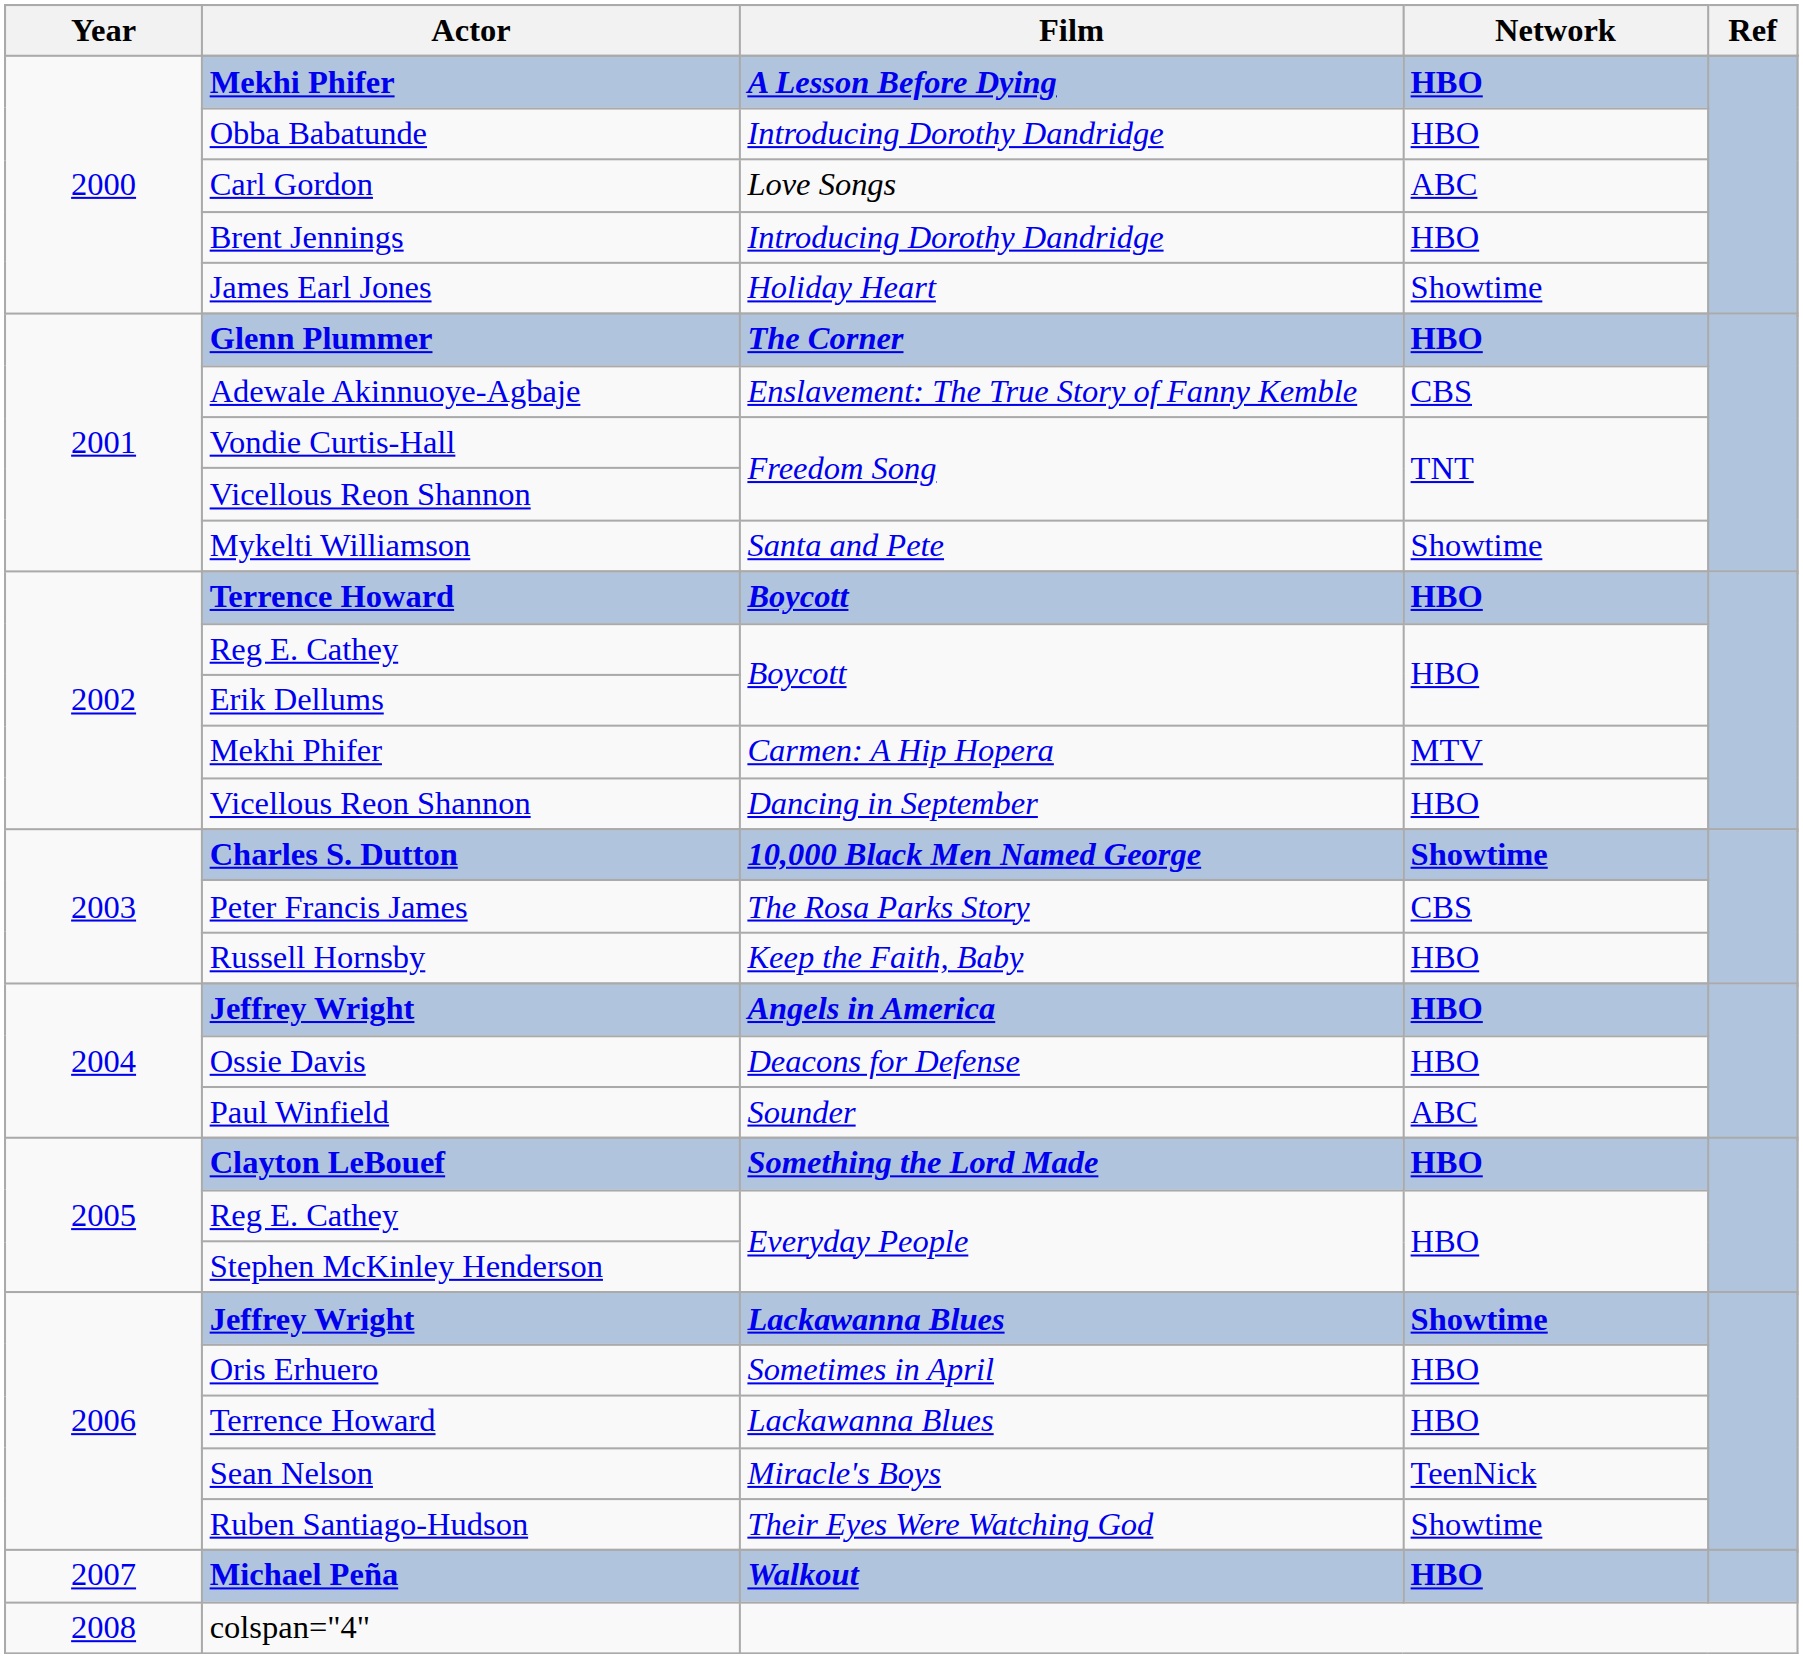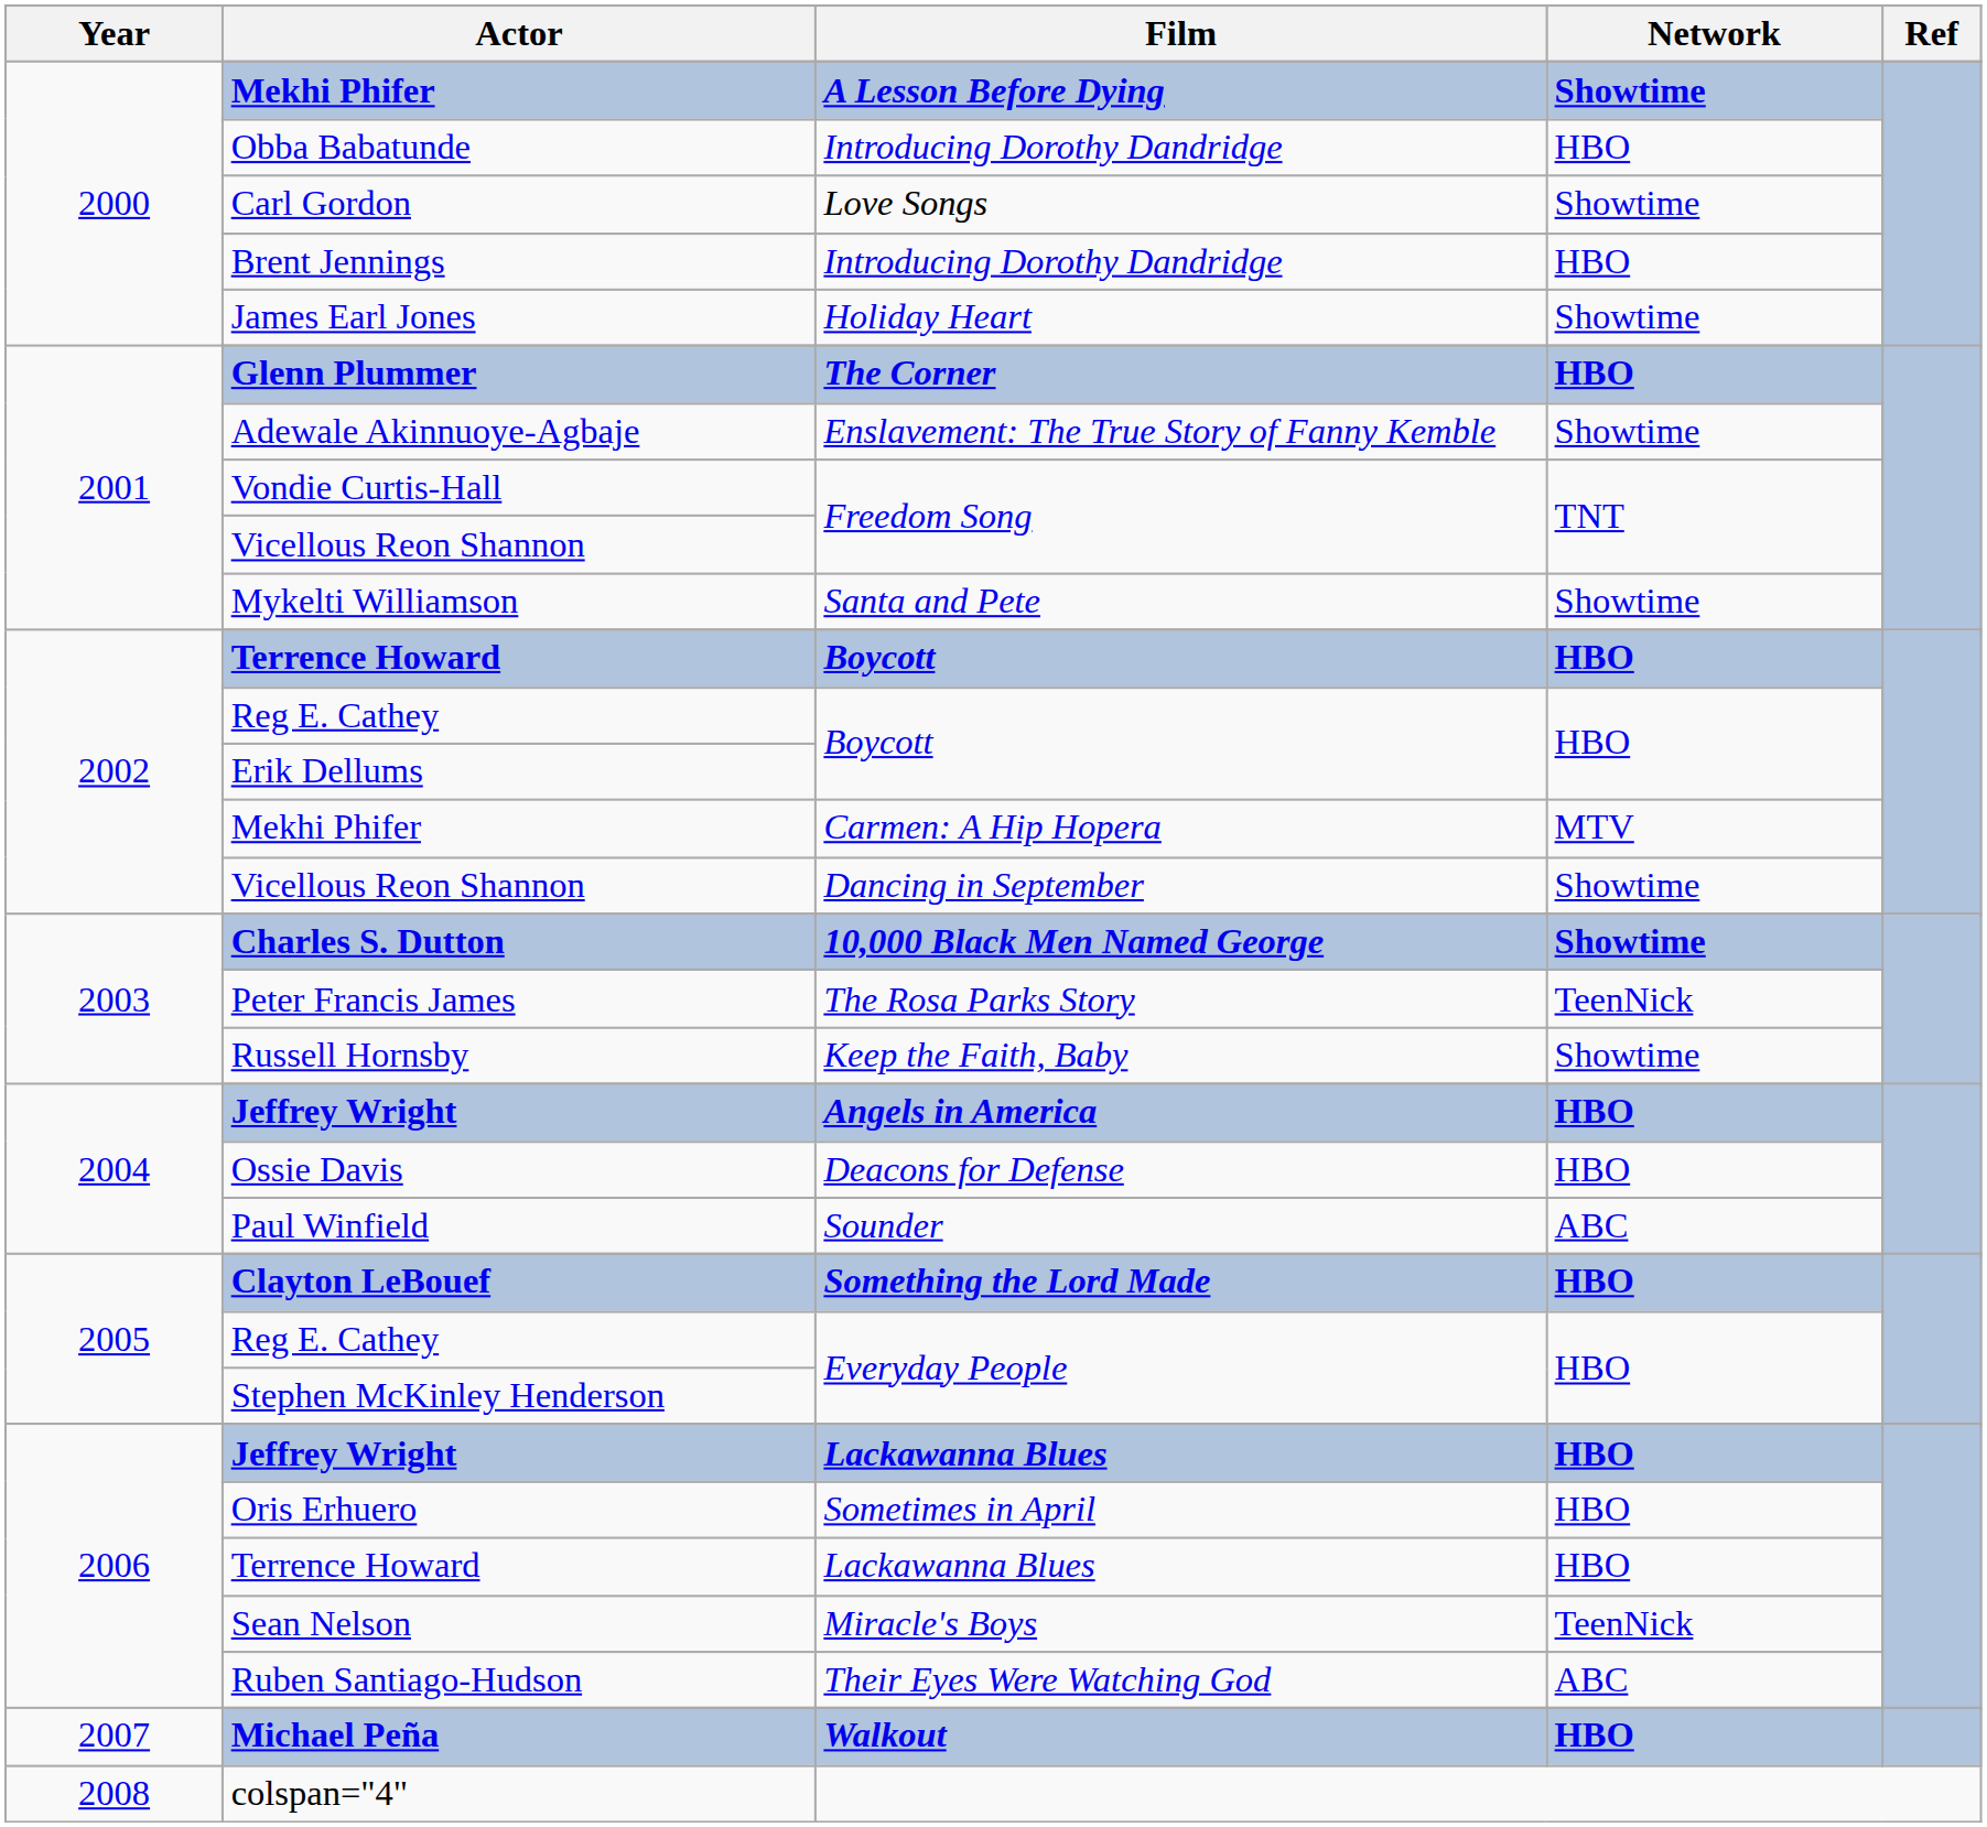 <table class="wikitable" style="width:100%;">
 <tr style="background:#bebebe;">
 <th style="width:11%;">Year</th>
 <th style="width:30%;">Actor</th>
 <th style="width:37%;">Film</th>
 <th style="width:17%;">Network</th>
 <th style="width:5%;">Ref</th>
 </tr>
 <tr>
 <td rowspan="6" align="center"><a href='#'>2000</a></td>
 </tr>
 <tr style="background:#B0C4DE">
 <td><strong><a href='#'>Mekhi Phifer</a></strong></td>
 <td><strong><em><a href='#'>A Lesson Before Dying</a></em></strong></td>
-<td><strong><a href='#'>HBO</a></strong></td>
+<td><strong><a href='#'>Showtime</a></strong></td>
 <td rowspan="6" align="center"></td>
 </tr>
 <tr>
 <td><a href='#'>Obba Babatunde</a></td>
 <td><em><a href='#'>Introducing Dorothy Dandridge</a></em></td>
 <td><a href='#'>HBO</a></td>
 </tr>
 <tr>
 <td><a href='#'>Carl Gordon</a></td>
 <td><em>Love Songs</em></td>
-<td><a href='#'>ABC</a></td>
+<td><a href='#'>Showtime</a></td>
 </tr>
 <tr>
 <td><a href='#'>Brent Jennings</a></td>
 <td><em><a href='#'>Introducing Dorothy Dandridge</a></em></td>
 <td><a href='#'>HBO</a></td>
 </tr>
 <tr>
 <td><a href='#'>James Earl Jones</a></td>
 <td><em><a href='#'>Holiday Heart</a></em></td>
 <td><a href='#'>Showtime</a></td>
 </tr>
 <tr>
 <td rowspan="6" align="center"><a href='#'>2001</a></td>
 </tr>
 <tr style="background:#B0C4DE">
 <td><strong><a href='#'>Glenn Plummer</a></strong></td>
 <td><strong><em><a href='#'>The Corner</a></em></strong></td>
 <td><strong><a href='#'>HBO</a></strong></td>
 <td rowspan="6" align="center"></td>
 </tr>
 <tr>
 <td><a href='#'>Adewale Akinnuoye-Agbaje</a></td>
 <td><em><a href='#'>Enslavement: The True Story of Fanny Kemble</a></em></td>
-<td><a href='#'>CBS</a></td>
+<td><a href='#'>Showtime</a></td>
 </tr>
 <tr>
 <td><a href='#'>Vondie Curtis-Hall</a></td>
 <td rowspan="2"><em><a href='#'>Freedom Song</a></em></td>
 <td rowspan="2"><a href='#'>TNT</a></td>
 </tr>
 <tr>
 <td><a href='#'>Vicellous Reon Shannon</a></td>
 </tr>
 <tr>
 <td><a href='#'>Mykelti Williamson</a></td>
 <td><em><a href='#'>Santa and Pete</a></em></td>
 <td><a href='#'>Showtime</a></td>
 </tr>
 <tr>
 <td rowspan="6" align="center"><a href='#'>2002</a></td>
 </tr>
 <tr style="background:#B0C4DE">
 <td><strong><a href='#'>Terrence Howard</a></strong></td>
 <td><strong><em><a href='#'>Boycott</a></em></strong></td>
 <td><strong><a href='#'>HBO</a></strong></td>
 <td rowspan="6" align="center"></td>
 </tr>
 <tr>
 <td><a href='#'>Reg E. Cathey</a></td>
 <td rowspan="2"><em><a href='#'>Boycott</a></em></td>
 <td rowspan="2"><a href='#'>HBO</a></td>
 </tr>
 <tr>
 <td><a href='#'>Erik Dellums</a></td>
 </tr>
 <tr>
 <td><a href='#'>Mekhi Phifer</a></td>
 <td><em><a href='#'>Carmen: A Hip Hopera</a></em></td>
 <td><a href='#'>MTV</a></td>
 </tr>
 <tr>
 <td><a href='#'>Vicellous Reon Shannon</a></td>
 <td><em><a href='#'>Dancing in September</a></em></td>
-<td><a href='#'>HBO</a></td>
+<td><a href='#'>Showtime</a></td>
 </tr>
 <tr>
 <td rowspan="4" align="center"><a href='#'>2003</a></td>
 </tr>
 <tr style="background:#B0C4DE">
 <td><strong><a href='#'>Charles S. Dutton</a></strong></td>
 <td><strong><em><a href='#'>10,000 Black Men Named George</a></em></strong></td>
 <td><strong><a href='#'>Showtime</a></strong></td>
 <td rowspan="4" align="center"></td>
 </tr>
 <tr>
 <td><a href='#'>Peter Francis James</a></td>
 <td><em><a href='#'>The Rosa Parks Story</a></em></td>
-<td><a href='#'>CBS</a></td>
+<td><a href='#'>TeenNick</a></td>
 </tr>
 <tr>
 <td><a href='#'>Russell Hornsby</a></td>
 <td><em><a href='#'>Keep the Faith, Baby</a></em></td>
-<td><a href='#'>HBO</a></td>
+<td><a href='#'>Showtime</a></td>
 </tr>
 <tr>
 <td rowspan="4" align="center"><a href='#'>2004</a></td>
 </tr>
 <tr style="background:#B0C4DE">
 <td><strong><a href='#'>Jeffrey Wright</a></strong></td>
 <td><strong><em><a href='#'>Angels in America</a></em></strong></td>
 <td><strong><a href='#'>HBO</a></strong></td>
 <td rowspan="4" align="center"></td>
 </tr>
 <tr>
 <td><a href='#'>Ossie Davis</a></td>
 <td><em><a href='#'>Deacons for Defense</a></em></td>
 <td><a href='#'>HBO</a></td>
 </tr>
 <tr>
 <td><a href='#'>Paul Winfield</a></td>
 <td><em><a href='#'>Sounder</a></em></td>
 <td><a href='#'>ABC</a></td>
 </tr>
 <tr>
 <td rowspan="4" align="center"><a href='#'>2005</a></td>
 </tr>
 <tr style="background:#B0C4DE">
 <td><strong><a href='#'>Clayton LeBouef</a></strong></td>
 <td><strong><em><a href='#'>Something the Lord Made</a></em></strong></td>
 <td><strong><a href='#'>HBO</a></strong></td>
 <td rowspan="4" align="center"></td>
 </tr>
 <tr>
 <td><a href='#'>Reg E. Cathey</a></td>
 <td rowspan="2"><em><a href='#'>Everyday People</a></em></td>
 <td rowspan="2"><a href='#'>HBO</a></td>
 </tr>
 <tr>
 <td><a href='#'>Stephen McKinley Henderson</a></td>
 </tr>
 <tr>
 <td rowspan="6" align="center"><a href='#'>2006</a></td>
 </tr>
 <tr style="background:#B0C4DE">
 <td><strong><a href='#'>Jeffrey Wright</a></strong></td>
 <td><strong><em><a href='#'>Lackawanna Blues</a></em></strong></td>
-<td><strong><a href='#'>Showtime</a></strong></td>
+<td><strong><a href='#'>HBO</a></strong></td>
 <td rowspan="6" align="center"></td>
 </tr>
 <tr>
 <td><a href='#'>Oris Erhuero</a></td>
 <td><em><a href='#'>Sometimes in April</a></em></td>
 <td><a href='#'>HBO</a></td>
 </tr>
 <tr>
 <td><a href='#'>Terrence Howard</a></td>
 <td><em><a href='#'>Lackawanna Blues</a></em></td>
 <td><a href='#'>HBO</a></td>
 </tr>
 <tr>
 <td><a href='#'>Sean Nelson</a></td>
 <td><em><a href='#'>Miracle's Boys</a></em></td>
 <td><a href='#'>TeenNick</a></td>
 </tr>
 <tr>
 <td><a href='#'>Ruben Santiago-Hudson</a></td>
 <td><em><a href='#'>Their Eyes Were Watching God</a></em></td>
-<td><a href='#'>Showtime</a></td>
+<td><a href='#'>ABC</a></td>
 </tr>
 <tr>
 <td rowspan="2" align="center"><a href='#'>2007</a></td>
 </tr>
 <tr style="background:#B0C4DE">
 <td><strong><a href='#'>Michael Peña</a></strong></td>
 <td><strong><em><a href='#'>Walkout</a></em></strong></td>
 <td><strong><a href='#'>HBO</a></strong></td>
 <td align="center"></td>
 </tr>
 <tr>
 <td align="center"><a href='#'>2008</a></td>
 <td>colspan="4" </td>
 </tr>
 </table>
